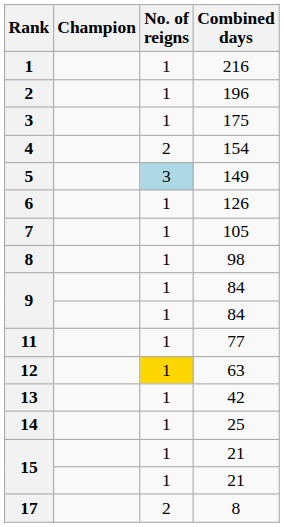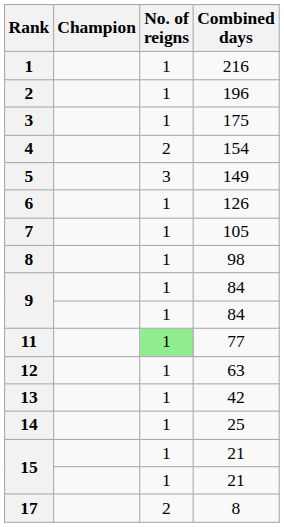 <table class="wikitable sortable" style="text-align: center">
 <tr>
 <th>Rank</th>
 <th>Champion</th>
 <th>No. of<br>reigns</th>
 <th>Combined<br>days</th>
 </tr>
 <tr>
 <th>1</th>
 <td></td>
 <td>1</td>
 <td>216</td>
 </tr>
 <tr>
 <th>2</th>
 <td></td>
 <td>1</td>
 <td>196</td>
 </tr>
 <tr>
 <th>3</th>
 <td></td>
 <td>1</td>
 <td>175</td>
 </tr>
 <tr>
 <th>4</th>
 <td></td>
 <td>2</td>
 <td>154</td>
 </tr>
 <tr>
 <th>5</th>
 <td></td>
-<td style="background: lightblue;">3</td>
+<td>3</td>
 <td>149</td>
 </tr>
 <tr>
 <th>6</th>
 <td></td>
 <td>1</td>
 <td>126</td>
 </tr>
 <tr>
 <th>7</th>
 <td></td>
 <td>1</td>
 <td>105</td>
 </tr>
 <tr>
 <th>8</th>
 <td></td>
 <td>1</td>
 <td>98</td>
 </tr>
 <tr>
 <th rowspan=2>9</th>
 <td></td>
 <td>1</td>
 <td>84</td>
 </tr>
 <tr>
 <td></td>
 <td>1</td>
 <td>84</td>
 </tr>
 <tr>
 <th>11</th>
 <td></td>
-<td>1</td>
+<td style="background: lightgreen;">1</td>
 <td>77</td>
 </tr>
 <tr>
 <th>12</th>
 <td></td>
-<td style="background: gold;">1</td>
+<td>1</td>
 <td>63</td>
 </tr>
 <tr>
 <th>13</th>
 <td></td>
 <td>1</td>
 <td>42</td>
 </tr>
 <tr>
 <th>14</th>
 <td></td>
 <td>1</td>
 <td>25</td>
 </tr>
 <tr>
 <th rowspan=2>15</th>
 <td></td>
 <td>1</td>
 <td>21</td>
 </tr>
 <tr>
 <td></td>
 <td>1</td>
 <td>21</td>
 </tr>
 <tr>
 <th>17</th>
 <td></td>
 <td>2</td>
 <td>8</td>
 </tr>
 </table>
